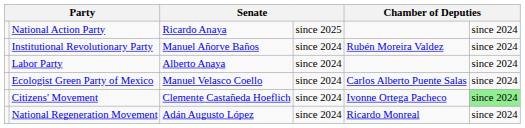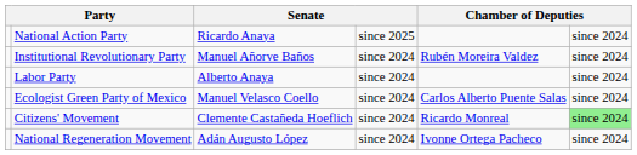 <table class="wikitable">
 <tr>
 <th colspan="2">Party</th>
 <th colspan="2">Senate</th>
 <th colspan="2">Chamber of Deputies</th>
 </tr>
 <tr>
 <td style="background:"></td>
 <td><a href='#'>National Action Party</a></td>
 <td><a href='#'>Ricardo Anaya</a></td>
 <td>since 2025</td>
 <td></td>
 <td>since 2024</td>
 </tr>
 <tr>
 <td style="background:"></td>
 <td><a href='#'>Institutional Revolutionary Party</a></td>
 <td><a href='#'>Manuel Añorve Baños</a></td>
 <td>since 2024</td>
 <td><a href='#'>Rubén Moreira Valdez</a></td>
 <td>since 2024</td>
 </tr>
 <tr>
 <td style="background:"></td>
 <td><a href='#'>Labor Party</a></td>
 <td><a href='#'>Alberto Anaya</a></td>
 <td>since 2024</td>
 <td></td>
 <td>since 2024</td>
 </tr>
 <tr>
 <td style="background:"></td>
 <td><a href='#'>Ecologist Green Party of Mexico</a></td>
 <td><a href='#'>Manuel Velasco Coello</a></td>
 <td>since 2024</td>
 <td><a href='#'>Carlos Alberto Puente Salas</a></td>
 <td>since 2024</td>
 </tr>
 <tr>
 <td style="background:"></td>
 <td><a href='#'>Citizens' Movement</a></td>
 <td><a href='#'>Clemente Castañeda Hoeflich</a></td>
 <td>since 2024</td>
-<td><a href='#'>Ivonne Ortega Pacheco</a></td>
+<td><a href='#'>Ricardo Monreal</a></td>
 <td style="background: lightgreen;">since 2024</td>
 </tr>
 <tr>
 <td style="background:"></td>
 <td><a href='#'>National Regeneration Movement</a></td>
 <td><a href='#'>Adán Augusto López</a></td>
 <td>since 2024</td>
-<td><a href='#'>Ricardo Monreal</a></td>
+<td><a href='#'>Ivonne Ortega Pacheco</a></td>
 <td>since 2024</td>
 </tr>
 </table>
